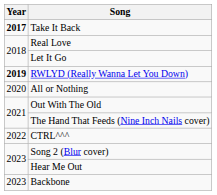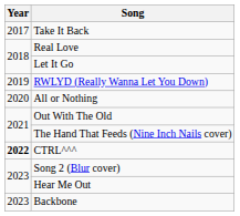 <table class="wikitable">
 <tr>
 <th>Year</th>
 <th>Song</th>
 </tr>
 <tr>
-<td style="text-align:center;"><strong>2017</strong></td>
+<td style="text-align:center;">2017</td>
 <td>Take It Back</td>
 </tr>
 <tr>
 <td rowspan="2" style="text-align:center;">2018</td>
 <td>Real Love</td>
 </tr>
 <tr>
 <td>Let It Go</td>
 </tr>
 <tr>
-<td style="text-align:center;"><strong>2019</strong></td>
+<td style="text-align:center;">2019</td>
 <td><a href='#'>RWLYD (Really Wanna Let You Down)</a></td>
 </tr>
 <tr>
 <td>2020</td>
 <td>All or Nothing</td>
 </tr>
 <tr>
 <td rowspan="2" style="text-align:center;">2021</td>
 <td>Out With The Old</td>
 </tr>
 <tr>
 <td>The Hand That Feeds (<a href='#'>Nine Inch Nails</a> cover)</td>
 </tr>
 <tr>
-<td>2022</td>
+<td><strong>2022</strong></td>
 <td>CTRL^^^</td>
 </tr>
 <tr>
 <td rowspan="2" style="text-align:center;">2023</td>
 <td>Song 2 (<a href='#'>Blur</a> cover)</td>
 </tr>
 <tr>
 <td>Hear Me Out</td>
 </tr>
 <tr>
 <td rowspan="2" style="text-align:center;">2023</td>
 <td>Backbone</td>
 </tr>
 </table>
